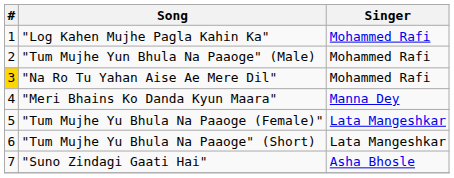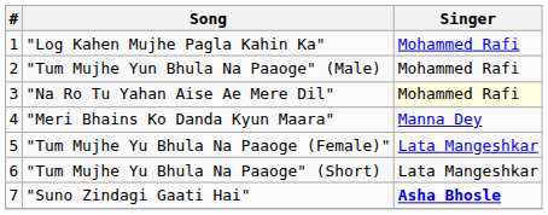 <table class="wikitable">
 <tr>
 <th>#</th>
 <th>Song</th>
 <th>Singer</th>
 </tr>
 <tr>
 <td>1</td>
 <td>"Log Kahen Mujhe Pagla Kahin Ka"</td>
 <td><a href='#'>Mohammed Rafi</a></td>
 </tr>
 <tr>
 <td>2</td>
 <td>"Tum Mujhe Yun Bhula Na Paaoge" (Male)</td>
 <td>Mohammed Rafi</td>
 </tr>
 <tr>
-<td style="background: gold;">3</td>
+<td>3</td>
 <td>"Na Ro Tu Yahan Aise Ae Mere Dil"</td>
-<td>Mohammed Rafi</td>
+<td style="background: lightyellow;">Mohammed Rafi</td>
 </tr>
 <tr>
 <td>4</td>
 <td>"Meri Bhains Ko Danda Kyun Maara"</td>
 <td><a href='#'>Manna Dey</a></td>
 </tr>
 <tr>
 <td>5</td>
 <td>"Tum Mujhe Yu Bhula Na Paaoge (Female)"</td>
 <td><a href='#'>Lata Mangeshkar</a></td>
 </tr>
 <tr>
 <td>6</td>
 <td>"Tum Mujhe Yu Bhula Na Paaoge" (Short)</td>
 <td>Lata Mangeshkar</td>
 </tr>
 <tr>
 <td>7</td>
 <td>"Suno Zindagi Gaati Hai"</td>
-<td><a href='#'>Asha Bhosle</a></td>
+<td><strong><a href='#'>Asha Bhosle</a></strong></td>
 </tr>
 <tr>
 </tr>
 </table>
